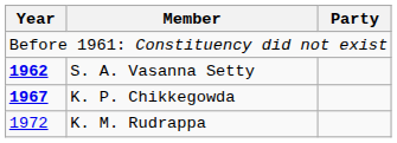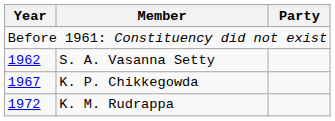 <table class="wikitable sortable">
 <tr>
 <th>Year</th>
 <th>Member</th>
 <th colspan="2">Party</th>
 </tr>
 <tr>
 <td colspan=4>Before 1961: <em>Constituency did not exist</em></td>
 </tr>
 <tr>
-<td><strong><a href='#'>1962</a></strong></td>
+<td><a href='#'>1962</a></td>
 <td>S. A. Vasanna Setty</td>
 <td></td>
 </tr>
 <tr>
-<td><strong><a href='#'>1967</a></strong></td>
+<td><a href='#'>1967</a></td>
 <td>K. P. Chikkegowda</td>
 <td></td>
 </tr>
 <tr>
 <td><a href='#'>1972</a></td>
 <td>K. M. Rudrappa</td>
 <td></td>
 </tr>
 </table>
